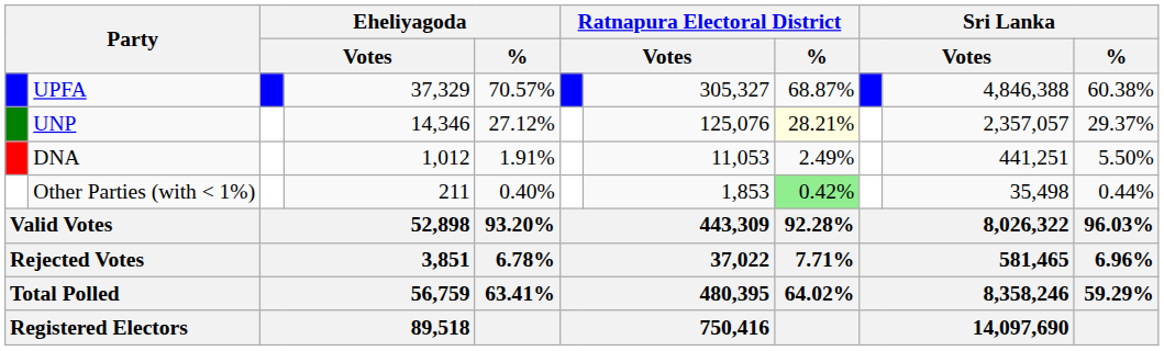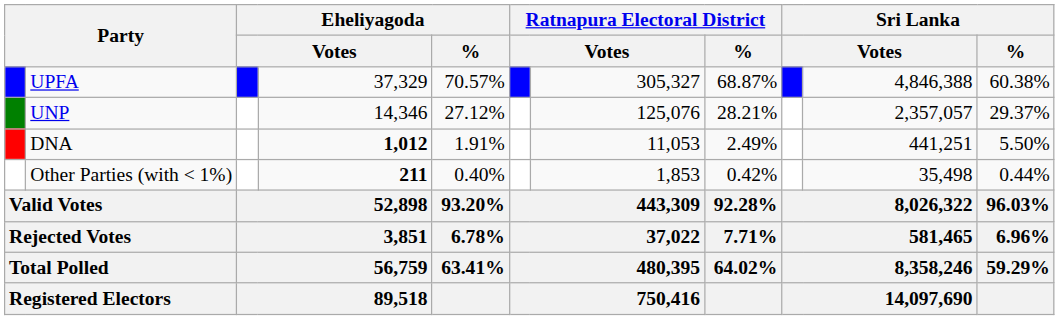 <table class="wikitable">
 <tr>
 <th colspan="2" width="144px"rowspan="2">Party</th>
 <th colspan="3" width="216px">Eheliyagoda</th>
 <th colspan="3" width="216px"><a href='#'>Ratnapura Electoral District</a></th>
 <th colspan="3" width="216px">Sri Lanka</th>
 </tr>
 <tr>
 <th colspan="2" width="144px">Votes</th>
 <th>%</th>
 <th colspan="2" width="144px">Votes</th>
 <th>%</th>
 <th colspan="2" width="144px">Votes</th>
 <th>%</th>
 </tr>
 <tr>
 <td style="background-color:blue;" width="10px"></td>
 <td style="text-align:left;"><a href='#'>UPFA</a></td>
 <td style="background-color:blue;" width="10px"></td>
 <td style="text-align:right;">37,329</td>
 <td style="text-align:right;">70.57%</td>
 <td style="background-color:blue;" width="10px"></td>
 <td style="text-align:right;">305,327</td>
 <td style="text-align:right;">68.87%</td>
 <td style="background-color:blue;" width="10px"></td>
 <td style="text-align:right;">4,846,388</td>
 <td style="text-align:right;">60.38%</td>
 </tr>
 <tr>
 <td style="background-color:green;" width="10px"></td>
 <td style="text-align:left;"><a href='#'>UNP</a></td>
 <td style="background-color:white;" width="10px"></td>
 <td style="text-align:right;">14,346</td>
 <td style="text-align:right;">27.12%</td>
 <td style="background-color:white;" width="10px"></td>
 <td style="text-align:right;">125,076</td>
-<td style="background: lightyellow; text-align:right;">28.21%</td>
+<td style="text-align:right;">28.21%</td>
 <td style="background-color:white;" width="10px"></td>
 <td style="text-align:right;">2,357,057</td>
 <td style="text-align:right;">29.37%</td>
 </tr>
 <tr>
 <td style="background-color:red;" width="10px"></td>
 <td style="text-align:left;">DNA</td>
 <td style="background-color:white;" width="10px"></td>
-<td style="text-align:right;">1,012</td>
+<td style="text-align:right;"><strong>1,012</strong></td>
 <td style="text-align:right;">1.91%</td>
 <td style="background-color:white;" width="10px"></td>
 <td style="text-align:right;">11,053</td>
 <td style="text-align:right;">2.49%</td>
 <td style="background-color:white;" width="10px"></td>
 <td style="text-align:right;">441,251</td>
 <td style="text-align:right;">5.50%</td>
 </tr>
 <tr>
 <td style="background-color:white;" width="10px"></td>
 <td style="text-align:left;">Other Parties (with < 1%)</td>
 <td style="background-color:white;" width="10px"></td>
-<td style="text-align:right;">211</td>
+<td style="text-align:right;"><strong>211</strong></td>
 <td style="text-align:right;">0.40%</td>
 <td style="background-color:white;" width="10px"></td>
 <td style="text-align:right;">1,853</td>
-<td style="background: lightgreen; text-align:right;">0.42%</td>
+<td style="text-align:right;">0.42%</td>
 <td style="background-color:white;" width="10px"></td>
 <td style="text-align:right;">35,498</td>
 <td style="text-align:right;">0.44%</td>
 </tr>
 <tr>
 <th colspan="2" width="144px"style="text-align:left;">Valid Votes</th>
 <th style="text-align:right;"colspan="2" width="144px">52,898</th>
 <th style="text-align:right;">93.20%</th>
 <th style="text-align:right;"colspan="2" width="144px">443,309</th>
 <th style="text-align:right;">92.28%</th>
 <th style="text-align:right;"colspan="2" width="144px">8,026,322</th>
 <th style="text-align:right;">96.03%</th>
 </tr>
 <tr>
 <th colspan="2" width="144px"style="text-align:left;">Rejected Votes</th>
 <th style="text-align:right;"colspan="2" width="144px">3,851</th>
 <th style="text-align:right;">6.78%</th>
 <th style="text-align:right;"colspan="2" width="144px">37,022</th>
 <th style="text-align:right;">7.71%</th>
 <th style="text-align:right;"colspan="2" width="144px">581,465</th>
 <th style="text-align:right;">6.96%</th>
 </tr>
 <tr>
 <th colspan="2" width="144px"style="text-align:left;">Total Polled</th>
 <th style="text-align:right;"colspan="2" width="144px">56,759</th>
 <th style="text-align:right;">63.41%</th>
 <th style="text-align:right;"colspan="2" width="144px">480,395</th>
 <th style="text-align:right;">64.02%</th>
 <th style="text-align:right;"colspan="2" width="144px">8,358,246</th>
 <th style="text-align:right;">59.29%</th>
 </tr>
 <tr>
 <th colspan="2" width="144px"style="text-align:left;">Registered Electors</th>
 <th style="text-align:right;"colspan="2" width="144px">89,518</th>
 <th></th>
 <th style="text-align:right;"colspan="2" width="144px">750,416</th>
 <th></th>
 <th style="text-align:right;"colspan="2" width="144px">14,097,690</th>
 <th></th>
 </tr>
 </table>
